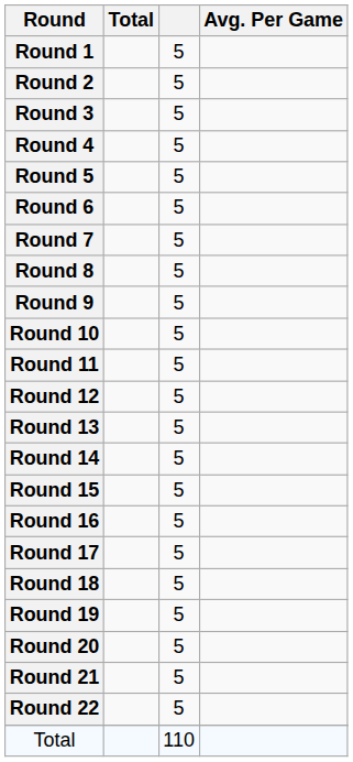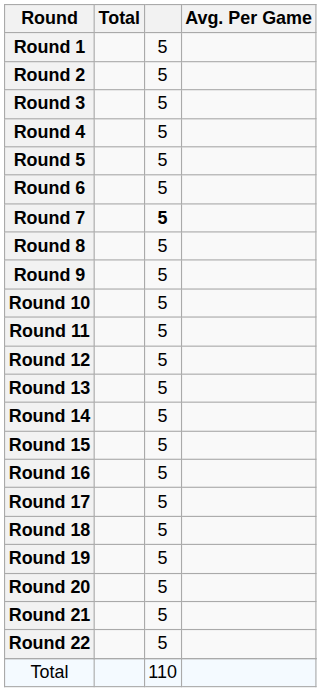 <table class="wikitable plainrowheaders sortable" style="text-align:center;">
 <tr>
 <th>Round</th>
 <th>Total</th>
 <th></th>
 <th>Avg. Per Game</th>
 </tr>
 <tr>
 <th scope='row'>Round 1</th>
 <td></td>
 <td>5</td>
 <td></td>
 </tr>
 <tr>
 <th scope='row'>Round 2</th>
 <td></td>
 <td>5</td>
 <td></td>
 </tr>
 <tr>
 <th scope='row'>Round 3</th>
 <td></td>
 <td>5</td>
 <td></td>
 </tr>
 <tr>
 <th scope='row'>Round 4</th>
 <td></td>
 <td>5</td>
 <td></td>
 </tr>
 <tr>
 <th scope='row'>Round 5</th>
 <td></td>
 <td>5</td>
 <td></td>
 </tr>
 <tr>
 <th scope='row'>Round 6</th>
 <td></td>
 <td>5</td>
 <td></td>
 </tr>
 <tr>
 <th scope='row'>Round 7</th>
 <td></td>
-<td>5</td>
+<td><strong>5</strong></td>
 <td></td>
 </tr>
 <tr>
 <th scope='row'>Round 8</th>
 <td></td>
 <td>5</td>
 <td></td>
 </tr>
 <tr>
 <th scope='row'>Round 9</th>
 <td></td>
 <td>5</td>
 <td></td>
 </tr>
 <tr>
 <th scope='row'>Round 10</th>
 <td></td>
 <td>5</td>
 <td></td>
 </tr>
 <tr>
 <th scope='row'>Round 11</th>
 <td></td>
 <td>5</td>
 <td></td>
 </tr>
 <tr>
 <th scope='row'>Round 12</th>
 <td></td>
 <td>5</td>
 <td></td>
 </tr>
 <tr>
 <th scope='row'>Round 13</th>
 <td></td>
 <td>5</td>
 <td></td>
 </tr>
 <tr>
 <th scope='row'>Round 14</th>
 <td></td>
 <td>5</td>
 <td></td>
 </tr>
 <tr>
 <th scope='row'>Round 15</th>
 <td></td>
 <td>5</td>
 <td></td>
 </tr>
 <tr>
 <th scope='row'>Round 16</th>
 <td></td>
 <td>5</td>
 <td></td>
 </tr>
 <tr>
 <th scope='row'>Round 17</th>
 <td></td>
 <td>5</td>
 <td></td>
 </tr>
 <tr>
 <th scope='row'>Round 18</th>
 <td></td>
 <td>5</td>
 <td></td>
 </tr>
 <tr>
 <th scope='row'>Round 19</th>
 <td></td>
 <td>5</td>
 <td></td>
 </tr>
 <tr>
 <th scope='row'>Round 20</th>
 <td></td>
 <td>5</td>
 <td></td>
 </tr>
 <tr>
 <th scope='row'>Round 21</th>
 <td></td>
 <td>5</td>
 <td></td>
 </tr>
 <tr>
 <th scope='row'>Round 22</th>
 <td></td>
 <td>5</td>
 <td></td>
 </tr>
 <tr>
 </tr>
 <tr style="background:#f4faff;">
 <td>Total</td>
 <td></td>
 <td>110</td>
 <td></td>
 </tr>
 </table>
